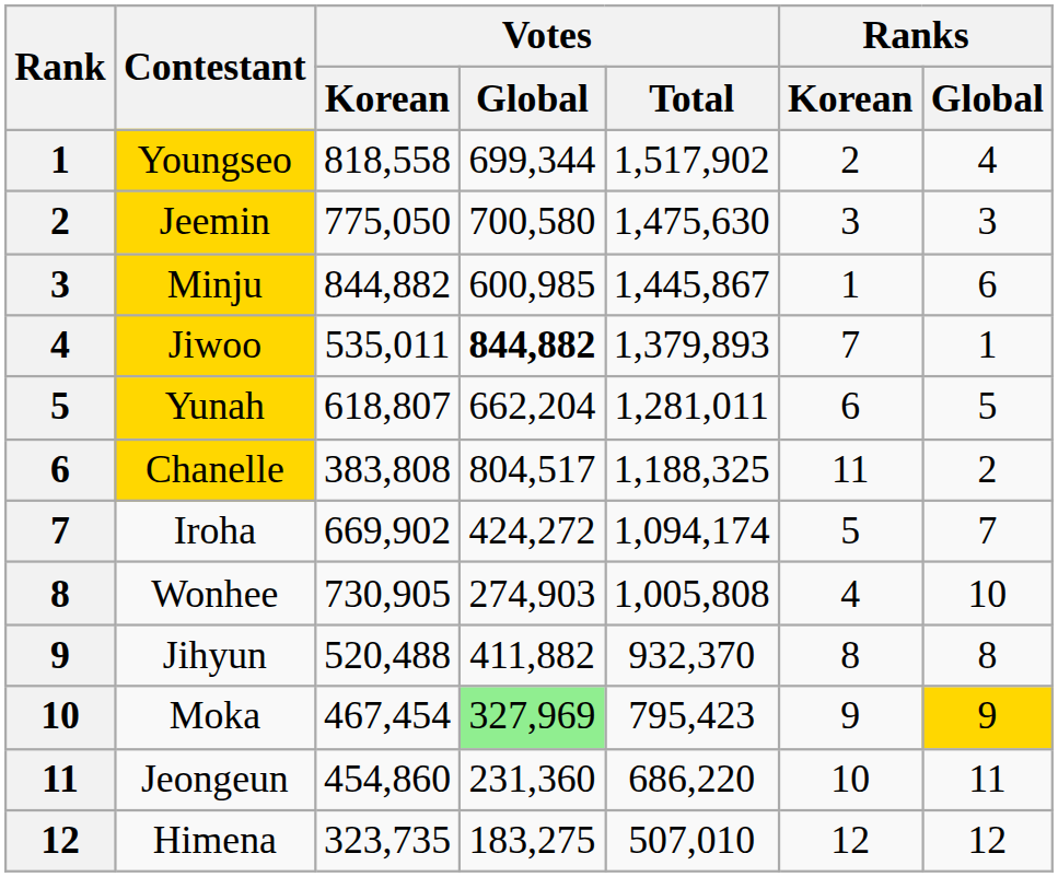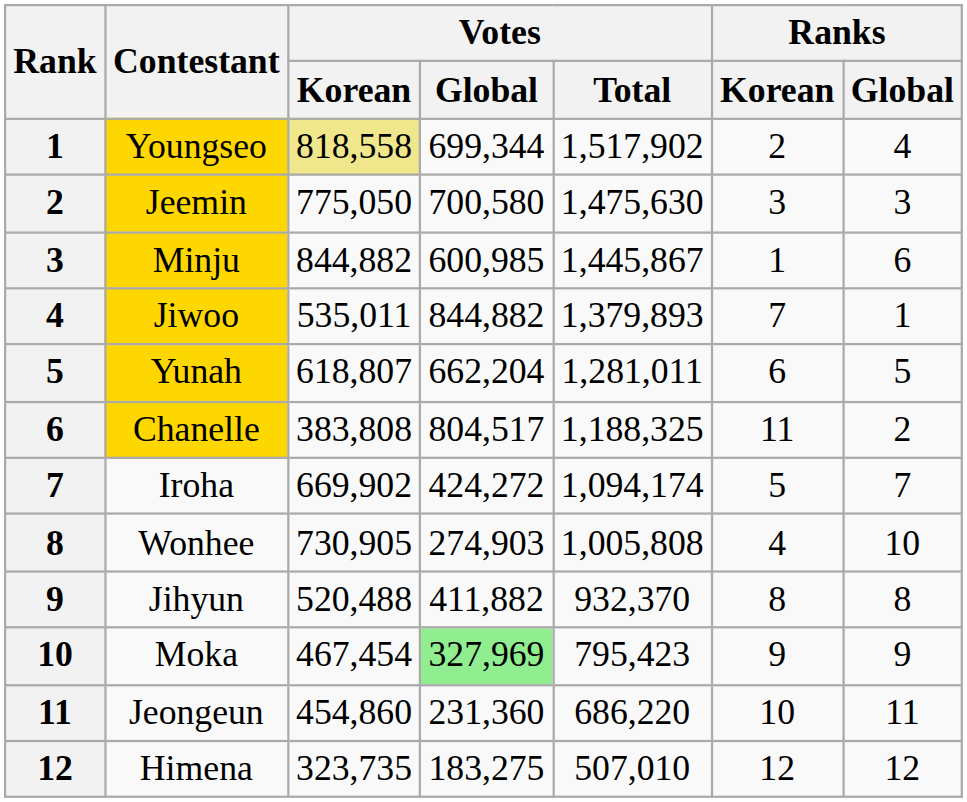 <table class="wikitable sortable" style="text-align: center">
 <tr>
 <th rowspan="2">Rank</th>
 <th class="unsortable" rowspan="2">Contestant</th>
 <th colspan="3">Votes</th>
 <th colspan="2">Ranks</th>
 </tr>
 <tr>
 <th>Korean</th>
 <th>Global</th>
 <th>Total </th>
 <th>Korean</th>
 <th>Global</th>
 </tr>
 <tr>
 <th>1</th>
 <td style="background:#FFD700">Youngseo</td>
-<td>818,558</td>
+<td style="background: khaki;">818,558</td>
 <td>699,344</td>
 <td>1,517,902</td>
 <td>2</td>
 <td>4</td>
 </tr>
 <tr>
 <th>2</th>
 <td style="background:#FFD700">Jeemin</td>
 <td>775,050</td>
 <td>700,580</td>
 <td>1,475,630</td>
 <td>3</td>
 <td>3</td>
 </tr>
 <tr>
 <th>3</th>
 <td style="background:#FFD700">Minju</td>
 <td>844,882</td>
 <td>600,985</td>
 <td>1,445,867</td>
 <td>1</td>
 <td>6</td>
 </tr>
 <tr>
 <th>4</th>
 <td style="background:#FFD700">Jiwoo</td>
 <td>535,011</td>
-<td><strong>844,882</strong></td>
+<td>844,882</td>
 <td>1,379,893</td>
 <td>7</td>
 <td>1</td>
 </tr>
 <tr>
 <th>5</th>
 <td style="background:#FFD700">Yunah</td>
 <td>618,807</td>
 <td>662,204</td>
 <td>1,281,011</td>
 <td>6</td>
 <td>5</td>
 </tr>
 <tr>
 <th>6</th>
 <td style="background:#FFD700">Chanelle</td>
 <td>383,808</td>
 <td>804,517</td>
 <td>1,188,325</td>
 <td>11</td>
 <td>2</td>
 </tr>
 <tr>
 <th>7</th>
 <td>Iroha</td>
 <td>669,902</td>
 <td>424,272</td>
 <td>1,094,174</td>
 <td>5</td>
 <td>7</td>
 </tr>
 <tr>
 <th>8</th>
 <td>Wonhee</td>
 <td>730,905</td>
 <td>274,903</td>
 <td>1,005,808</td>
 <td>4</td>
 <td>10</td>
 </tr>
 <tr>
 <th>9</th>
 <td>Jihyun</td>
 <td>520,488</td>
 <td>411,882</td>
 <td>932,370</td>
 <td>8</td>
 <td>8</td>
 </tr>
 <tr>
 <th>10</th>
 <td>Moka</td>
 <td>467,454</td>
 <td style="background: lightgreen;">327,969</td>
 <td>795,423</td>
 <td>9</td>
-<td style="background: gold;">9</td>
+<td>9</td>
 </tr>
 <tr>
 <th>11</th>
 <td>Jeongeun</td>
 <td>454,860</td>
 <td>231,360</td>
 <td>686,220</td>
 <td>10</td>
 <td>11</td>
 </tr>
 <tr>
 <th>12</th>
 <td>Himena</td>
 <td>323,735</td>
 <td>183,275</td>
 <td>507,010</td>
 <td>12</td>
 <td>12</td>
 </tr>
 </table>
